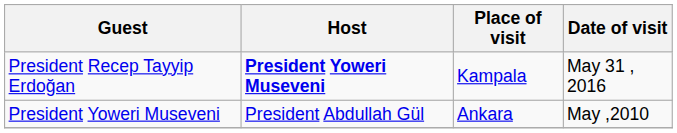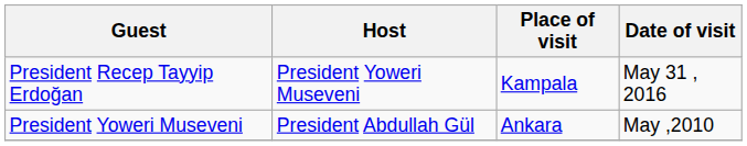 <table class="wikitable" border="1">
 <tr>
 <th>Guest</th>
 <th>Host</th>
 <th>Place of visit</th>
 <th>Date of visit</th>
 </tr>
 <tr>
 <td> <a href='#'>President</a> <a href='#'>Recep Tayyip Erdoğan</a></td>
-<td><strong> <a href='#'>President</a> <a href='#'>Yoweri Museveni</a></strong></td>
+<td> <a href='#'>President</a> <a href='#'>Yoweri Museveni</a></td>
 <td><a href='#'>Kampala</a></td>
 <td>May 31 , 2016</td>
 </tr>
 <tr>
 <td> <a href='#'>President</a> <a href='#'>Yoweri Museveni</a></td>
 <td> <a href='#'>President</a> <a href='#'>Abdullah Gül</a></td>
 <td><a href='#'>Ankara</a></td>
 <td>May ,2010</td>
 </tr>
 <tr>
 </tr>
 </table>
